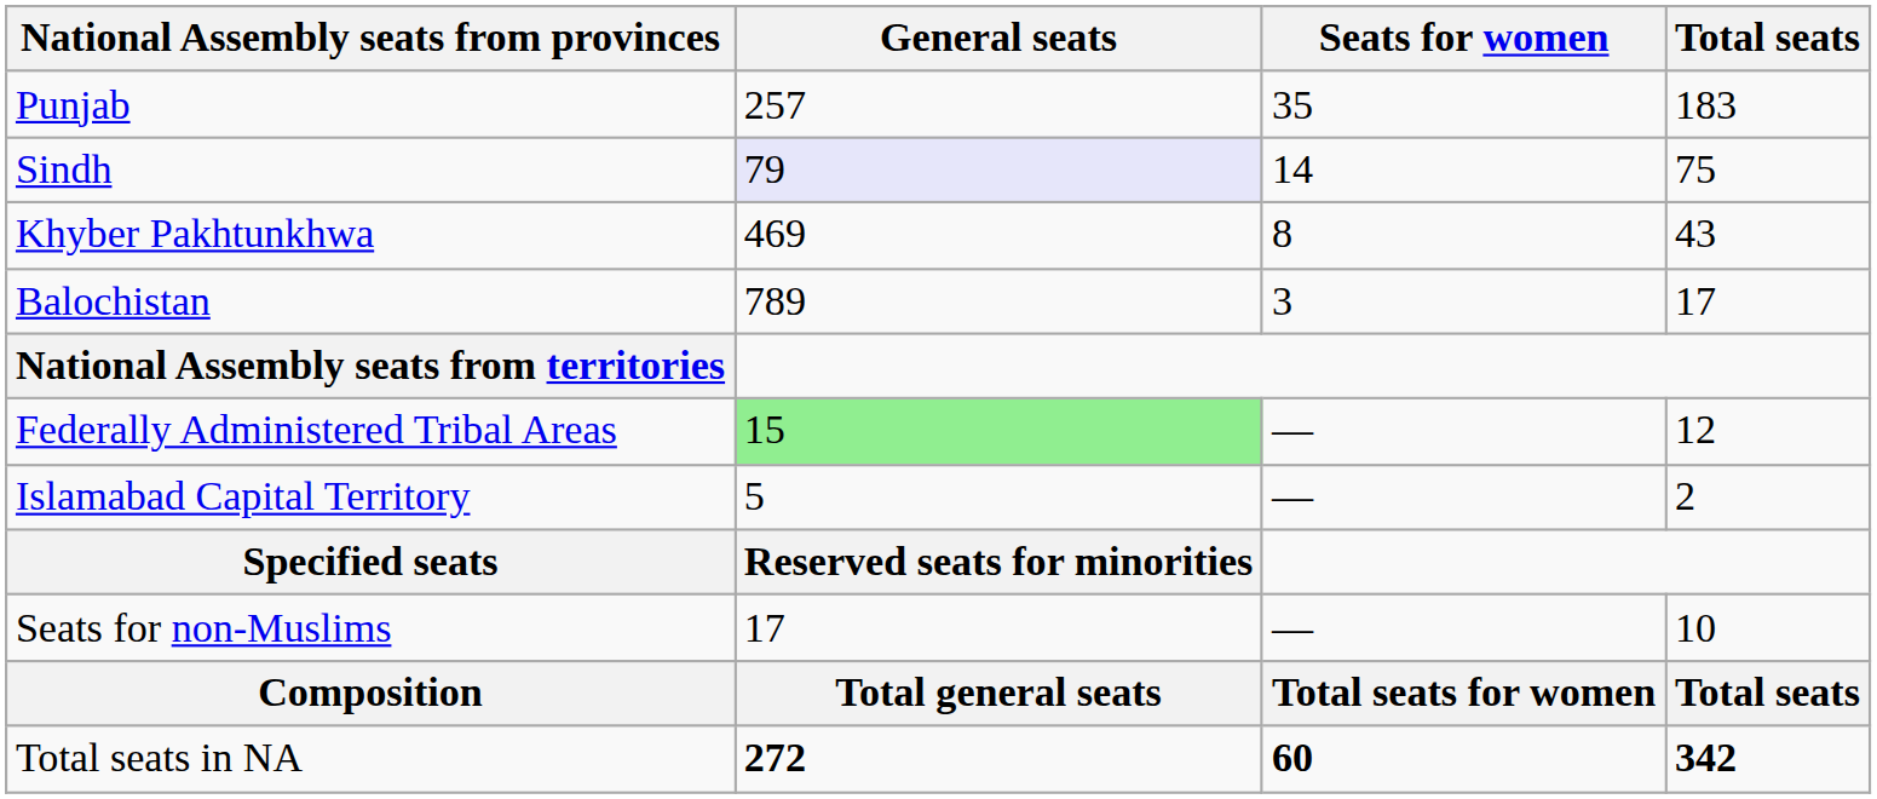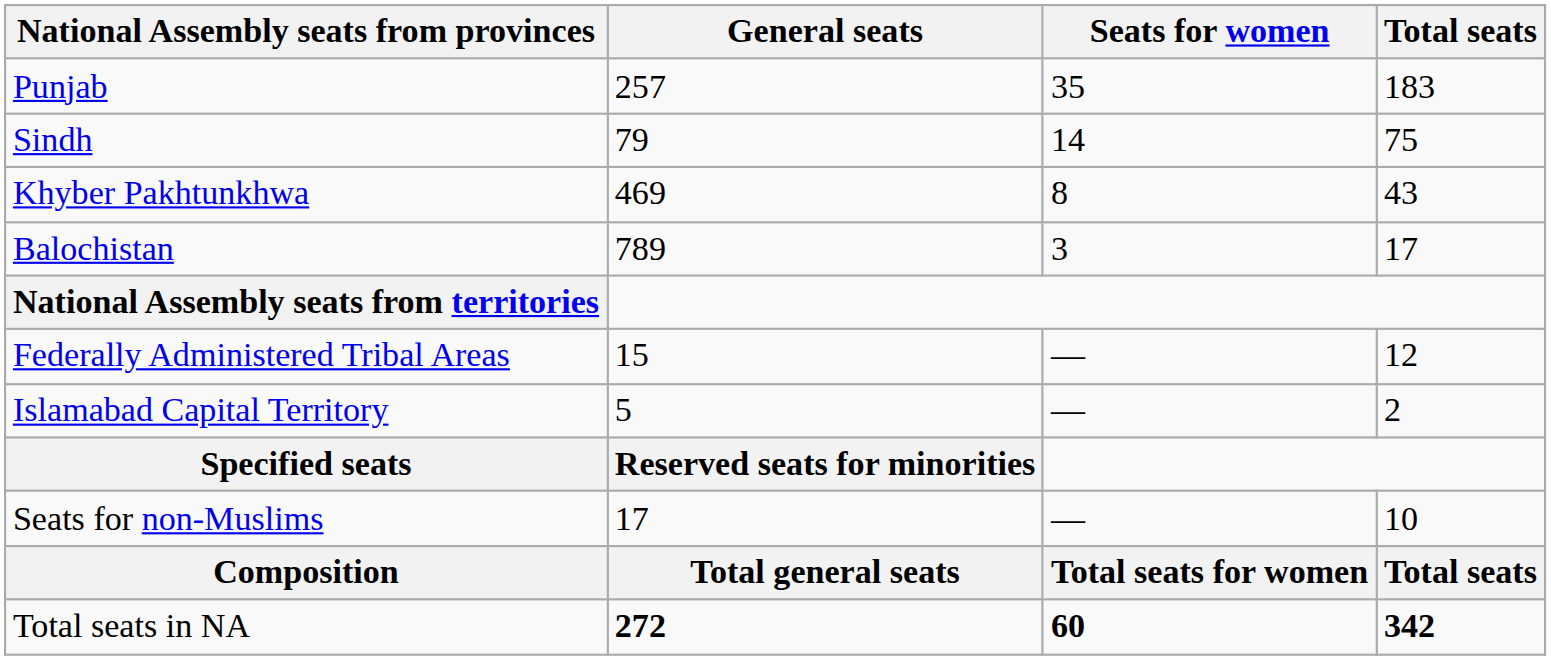 <table class="wikitable sortable">
 <tr>
 <th>National Assembly seats from provinces</th>
 <th>General seats</th>
 <th>Seats for <a href='#'>women</a></th>
 <th>Total seats</th>
 </tr>
 <tr>
 <td><a href='#'>Punjab</a></td>
 <td>257</td>
 <td>35</td>
 <td>183</td>
 </tr>
 <tr>
 <td><a href='#'>Sindh</a></td>
-<td style="background: lavender;">79</td>
+<td>79</td>
 <td>14</td>
 <td>75</td>
 </tr>
 <tr>
 <td><a href='#'>Khyber Pakhtunkhwa</a></td>
 <td>469</td>
 <td>8</td>
 <td>43</td>
 </tr>
 <tr>
 <td><a href='#'>Balochistan</a></td>
 <td>789</td>
 <td>3</td>
 <td>17</td>
 </tr>
 <tr>
 <th>National Assembly seats from <a href='#'>territories</a></th>
 </tr>
 <tr>
 <td><a href='#'>Federally Administered Tribal Areas</a></td>
-<td style="background: lightgreen;">15</td>
+<td>15</td>
 <td>—</td>
 <td>12</td>
 </tr>
 <tr>
 <td><a href='#'>Islamabad Capital Territory</a></td>
 <td>5</td>
 <td>—</td>
 <td>2</td>
 </tr>
 <tr>
 <th>Specified seats</th>
 <th>Reserved seats for minorities</th>
 </tr>
 <tr>
 <td>Seats for <a href='#'>non-Muslims</a></td>
 <td>17</td>
 <td>—</td>
 <td>10</td>
 </tr>
 <tr>
 <th>Composition</th>
 <th>Total general seats</th>
 <th>Total seats for women</th>
 <th>Total seats</th>
 </tr>
 <tr>
 <td>Total seats in NA</td>
 <td><strong>272</strong></td>
 <td><strong>60</strong></td>
 <td><strong>342</strong></td>
 </tr>
 </table>
